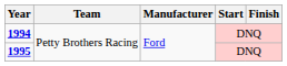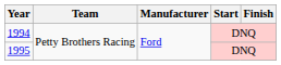 <table class="wikitable" style="font-size: 90%;">
 <tr>
 <th>Year</th>
 <th>Team</th>
 <th>Manufacturer</th>
 <th>Start</th>
 <th>Finish</th>
 </tr>
 <tr>
-<td><strong><a href='#'>1994</a></strong></td>
+<td><a href='#'>1994</a></td>
 <td rowspan=2>Petty Brothers Racing</td>
 <td rowspan=2><a href='#'>Ford</a></td>
 <td align=center colspan=2 style="background:#FFCFCF;">DNQ</td>
 </tr>
 <tr>
-<td><strong><a href='#'>1995</a></strong></td>
+<td><a href='#'>1995</a></td>
 <td align=center colspan=2 style="background:#FFCFCF;">DNQ</td>
 </tr>
 </table>
